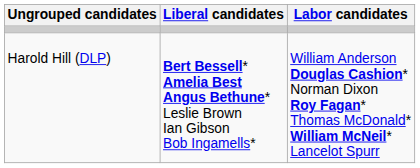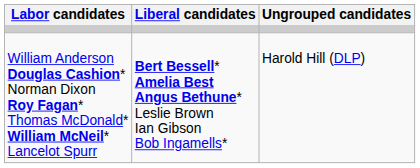 <table class="wikitable">
 <tr>
+<th><a href='#'>Labor</a> candidates</th>
+<th><a href='#'>Liberal</a> candidates</th>
 <th>Ungrouped candidates</th>
-<th><a href='#'>Liberal</a> candidates</th>
-<th><a href='#'>Labor</a> candidates</th>
 </tr>
 <tr bgcolor="#cccccc">
 <td></td>
 <td></td>
 <td></td>
 </tr>
 <tr>
+<td><br><a href='#'>William Anderson</a><br> <strong><a href='#'>Douglas Cashion</a></strong>*<br> Norman Dixon<br> <strong><a href='#'>Roy Fagan</a></strong>*<br> <a href='#'>Thomas McDonald</a>*<br> <strong><a href='#'>William McNeil</a></strong>*<br> <a href='#'>Lancelot Spurr</a></td>
+<td><br><strong><a href='#'>Bert Bessell</a></strong>*<br> <strong><a href='#'>Amelia Best</a></strong><br> <strong><a href='#'>Angus Bethune</a></strong>*<br> Leslie Brown<br> Ian Gibson<br> <a href='#'>Bob Ingamells</a>*</td>
 <td valign=top><br>Harold Hill (<a href='#'>DLP</a>)</td>
-<td><br><strong><a href='#'>Bert Bessell</a></strong>*<br> <strong><a href='#'>Amelia Best</a></strong><br> <strong><a href='#'>Angus Bethune</a></strong>*<br> Leslie Brown<br> Ian Gibson<br> <a href='#'>Bob Ingamells</a>*</td>
-<td><br><a href='#'>William Anderson</a><br> <strong><a href='#'>Douglas Cashion</a></strong>*<br> Norman Dixon<br> <strong><a href='#'>Roy Fagan</a></strong>*<br> <a href='#'>Thomas McDonald</a>*<br> <strong><a href='#'>William McNeil</a></strong>*<br> <a href='#'>Lancelot Spurr</a></td>
 </tr>
 </table>
